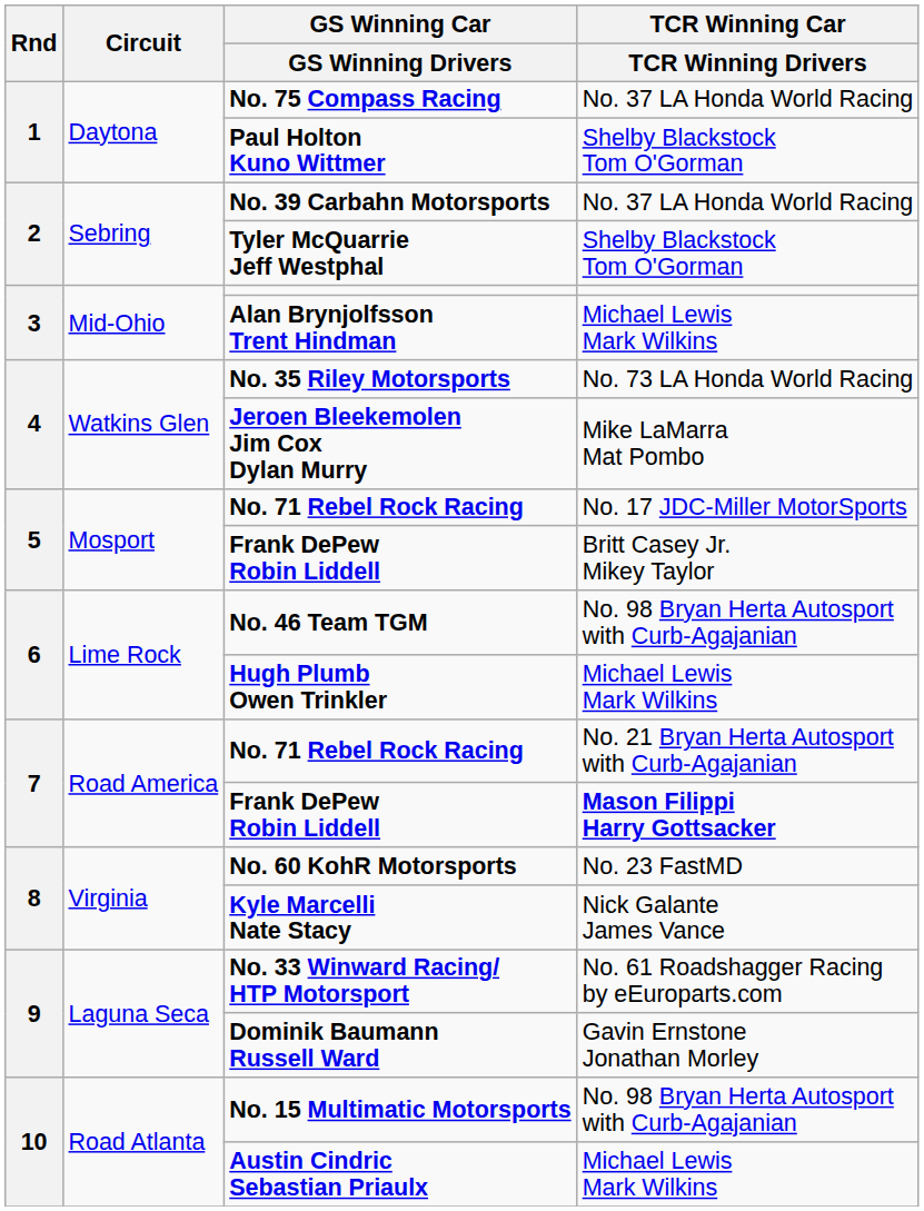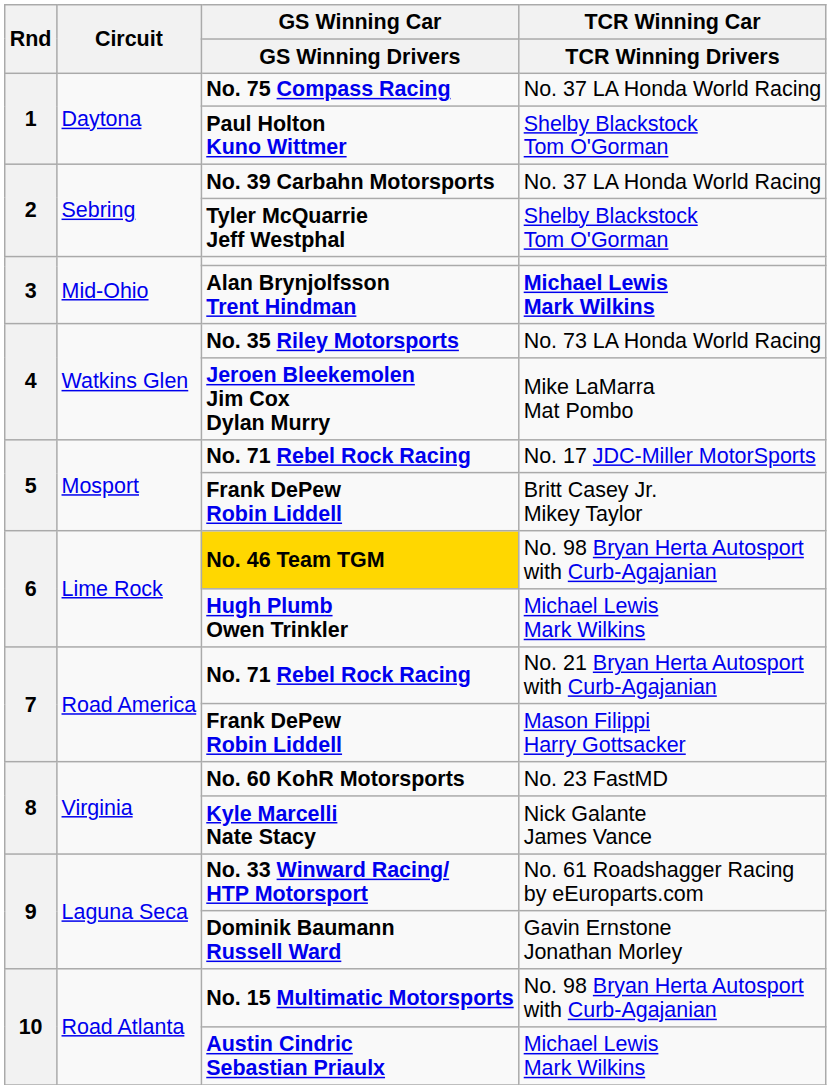 <table class="wikitable" style="font-size: 90%;">
 <tr>
 <th rowspan=2>Rnd</th>
 <th rowspan=2>Circuit</th>
 <th>GS Winning Car</th>
 <th>TCR Winning Car</th>
 </tr>
 <tr>
 <th>GS Winning Drivers</th>
 <th>TCR Winning Drivers</th>
 </tr>
 <tr>
 <th rowspan=2>1</th>
 <td rowspan=2> <a href='#'>Daytona</a></td>
 <td><strong> No. 75 <a href='#'>Compass Racing</a></strong></td>
 <td> No. 37 LA Honda World Racing</td>
 </tr>
 <tr>
 <td><strong> Paul Holton<br> <a href='#'>Kuno Wittmer</a></strong></td>
 <td> <a href='#'>Shelby Blackstock</a><br> <a href='#'>Tom O'Gorman</a></td>
 </tr>
 <tr>
 <th rowspan=2>2</th>
 <td rowspan=2> <a href='#'>Sebring</a></td>
 <td><strong> No. 39 Carbahn Motorsports</strong></td>
 <td> No. 37 LA Honda World Racing</td>
 </tr>
 <tr>
 <td><strong> Tyler McQuarrie<br> Jeff Westphal</strong></td>
 <td> <a href='#'>Shelby Blackstock</a><br> <a href='#'>Tom O'Gorman</a></td>
 </tr>
 <tr>
 <th rowspan=2>3</th>
 <td rowspan=2> <a href='#'>Mid-Ohio</a></td>
 <td><strong></strong></td>
 <td></td>
 </tr>
 <tr>
 <td><strong> Alan Brynjolfsson<br> <a href='#'>Trent Hindman</a></strong></td>
-<td> <a href='#'>Michael Lewis</a><br> <a href='#'>Mark Wilkins</a></td>
+<td><strong> <a href='#'>Michael Lewis</a><br> <a href='#'>Mark Wilkins</a></strong></td>
 </tr>
 <tr>
 <th rowspan=2>4</th>
 <td rowspan=2> <a href='#'>Watkins Glen</a></td>
 <td><strong> No. 35 <a href='#'>Riley Motorsports</a></strong></td>
 <td> No. 73 LA Honda World Racing</td>
 </tr>
 <tr>
 <td><strong> <a href='#'>Jeroen Bleekemolen</a><br> Jim Cox<br> Dylan Murry</strong></td>
 <td> Mike LaMarra<br> Mat Pombo</td>
 </tr>
 <tr>
 <th rowspan=2>5</th>
 <td rowspan=2> <a href='#'>Mosport</a></td>
 <td><strong> No. 71 <a href='#'>Rebel Rock Racing</a></strong></td>
 <td> No. 17 <a href='#'>JDC-Miller MotorSports</a></td>
 </tr>
 <tr>
 <td><strong> Frank DePew<br> <a href='#'>Robin Liddell</a></strong></td>
 <td> Britt Casey Jr.<br> Mikey Taylor</td>
 </tr>
 <tr>
 <th rowspan=2>6</th>
 <td rowspan=2> <a href='#'>Lime Rock</a></td>
-<td><strong> No. 46 Team TGM</strong></td>
+<td style="background: gold;"><strong> No. 46 Team TGM</strong></td>
 <td> No. 98 <a href='#'>Bryan Herta Autosport</a><br>with <a href='#'>Curb-Agajanian</a></td>
 </tr>
 <tr>
 <td><strong> <a href='#'>Hugh Plumb</a><br> Owen Trinkler</strong></td>
 <td> <a href='#'>Michael Lewis</a><br> <a href='#'>Mark Wilkins</a></td>
 </tr>
 <tr>
 <th rowspan=2>7</th>
 <td rowspan=2> <a href='#'>Road America</a></td>
 <td><strong> No. 71 <a href='#'>Rebel Rock Racing</a></strong></td>
 <td> No. 21 <a href='#'>Bryan Herta Autosport</a><br>with <a href='#'>Curb-Agajanian</a></td>
 </tr>
 <tr>
 <td><strong> Frank DePew<br> <a href='#'>Robin Liddell</a></strong></td>
-<td><strong> <a href='#'>Mason Filippi</a><br> <a href='#'>Harry Gottsacker</a></strong></td>
+<td> <a href='#'>Mason Filippi</a><br> <a href='#'>Harry Gottsacker</a></td>
 </tr>
 <tr>
 <th rowspan=2>8</th>
 <td rowspan=2> <a href='#'>Virginia</a></td>
 <td><strong> No. 60 KohR Motorsports</strong></td>
 <td> No. 23 FastMD</td>
 </tr>
 <tr>
 <td><strong> <a href='#'>Kyle Marcelli</a><br> Nate Stacy</strong></td>
 <td> Nick Galante<br> James Vance</td>
 </tr>
 <tr>
 <th rowspan=2>9</th>
 <td rowspan=2> <a href='#'>Laguna Seca</a></td>
 <td><strong> No. 33 <a href='#'>Winward Racing/<br>HTP Motorsport</a></strong></td>
 <td> No. 61 Roadshagger Racing<br>by eEuroparts.com</td>
 </tr>
 <tr>
 <td><strong> Dominik Baumann<br> <a href='#'>Russell Ward</a></strong></td>
 <td> Gavin Ernstone<br> Jonathan Morley</td>
 </tr>
 <tr>
 <th rowspan=2>10</th>
 <td rowspan=2> <a href='#'>Road Atlanta</a></td>
 <td><strong> No. 15 <a href='#'>Multimatic Motorsports</a></strong></td>
 <td> No. 98 <a href='#'>Bryan Herta Autosport</a><br>with <a href='#'>Curb-Agajanian</a></td>
 </tr>
 <tr>
 <td><strong> <a href='#'>Austin Cindric</a><br> <a href='#'>Sebastian Priaulx</a></strong></td>
 <td> <a href='#'>Michael Lewis</a><br> <a href='#'>Mark Wilkins</a></td>
 </tr>
 </table>
